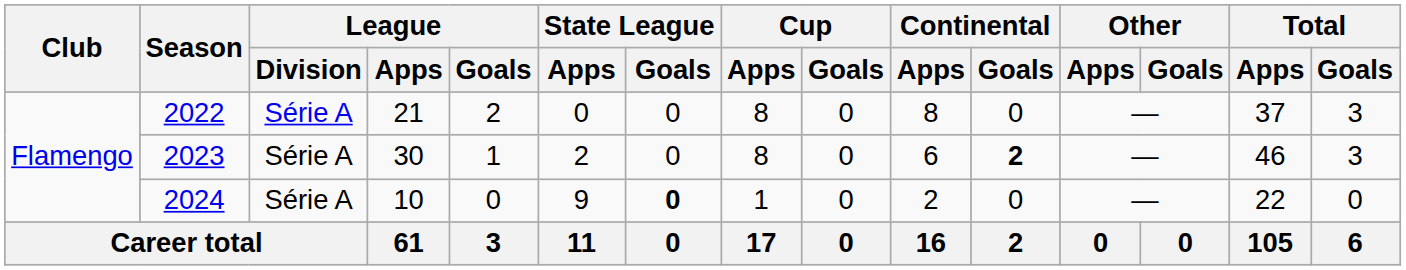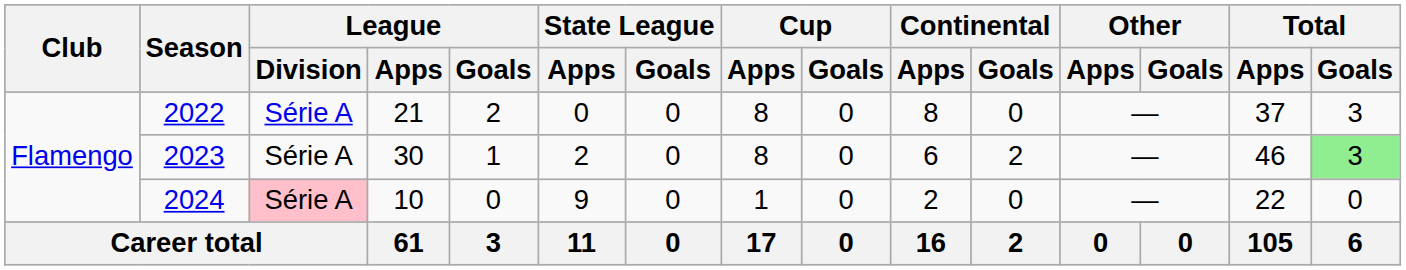 <table class="wikitable" style="text-align:center">
 <tr>
 <th rowspan="2">Club</th>
 <th rowspan="2">Season</th>
 <th colspan="3">League</th>
 <th colspan="2">State League</th>
 <th colspan="2">Cup</th>
 <th colspan="2">Continental</th>
 <th colspan="2">Other</th>
 <th colspan="2">Total</th>
 </tr>
 <tr>
 <th>Division</th>
 <th>Apps</th>
 <th>Goals</th>
 <th>Apps</th>
 <th>Goals</th>
 <th>Apps</th>
 <th>Goals</th>
 <th>Apps</th>
 <th>Goals</th>
 <th>Apps</th>
 <th>Goals</th>
 <th>Apps</th>
 <th>Goals</th>
 </tr>
 <tr>
 <td rowspan="3"><a href='#'>Flamengo</a></td>
 <td><a href='#'>2022</a></td>
 <td><a href='#'>Série A</a></td>
 <td>21</td>
 <td>2</td>
 <td>0</td>
 <td>0</td>
 <td>8</td>
 <td>0</td>
 <td>8</td>
 <td>0</td>
 <td colspan="2">—</td>
 <td>37</td>
 <td>3</td>
 </tr>
 <tr>
 <td><a href='#'>2023</a></td>
 <td>Série A</td>
 <td>30</td>
 <td>1</td>
 <td>2</td>
 <td>0</td>
 <td>8</td>
 <td>0</td>
 <td>6</td>
-<td><strong>2</strong></td>
+<td>2</td>
 <td colspan="2">—</td>
 <td>46</td>
-<td>3</td>
+<td style="background: lightgreen;">3</td>
 </tr>
 <tr>
 <td><a href='#'>2024</a></td>
-<td>Série A</td>
+<td style="background: pink;">Série A</td>
 <td>10</td>
 <td>0</td>
 <td>9</td>
-<td><strong>0</strong></td>
+<td>0</td>
 <td>1</td>
 <td>0</td>
 <td>2</td>
 <td>0</td>
 <td colspan="2">—</td>
 <td>22</td>
 <td>0</td>
 </tr>
 <tr>
 <th colspan="3">Career total</th>
 <th>61</th>
 <th>3</th>
 <th>11</th>
 <th>0</th>
 <th>17</th>
 <th>0</th>
 <th>16</th>
 <th>2</th>
 <th>0</th>
 <th>0</th>
 <th>105</th>
 <th>6</th>
 </tr>
 </table>
